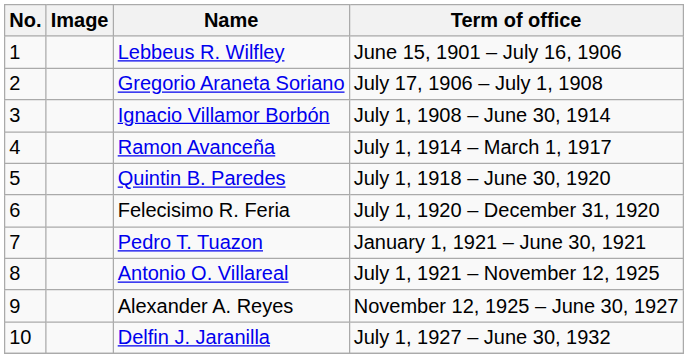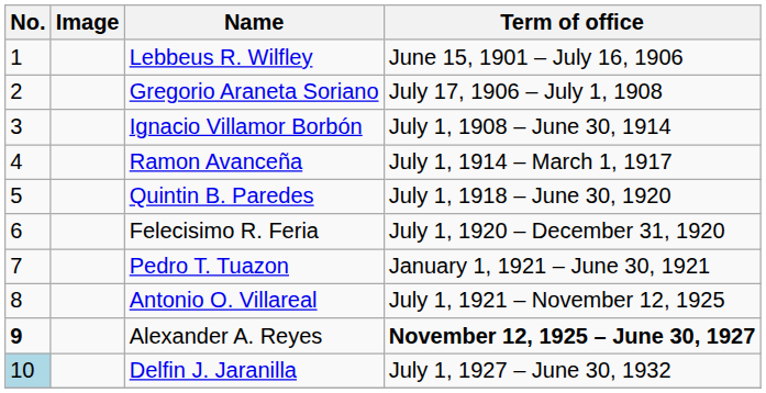 <table class=wikitable>
 <tr>
 <th>No.</th>
 <th>Image</th>
 <th>Name</th>
 <th>Term of office</th>
 </tr>
 <tr>
 <td>1</td>
 <td></td>
 <td><a href='#'>Lebbeus R. Wilfley</a></td>
 <td>June 15, 1901 – July 16, 1906</td>
 </tr>
 <tr>
 <td>2</td>
 <td></td>
 <td><a href='#'>Gregorio Araneta Soriano</a></td>
 <td>July 17, 1906 – July 1, 1908</td>
 </tr>
 <tr>
 <td>3</td>
 <td></td>
 <td><a href='#'>Ignacio Villamor Borbón</a></td>
 <td>July 1, 1908 – June 30, 1914</td>
 </tr>
 <tr>
 <td>4</td>
 <td></td>
 <td><a href='#'>Ramon Avanceña</a></td>
 <td>July 1, 1914 – March 1, 1917</td>
 </tr>
 <tr>
 <td>5</td>
 <td></td>
 <td><a href='#'>Quintin B. Paredes</a></td>
 <td>July 1, 1918 – June 30, 1920</td>
 </tr>
 <tr>
 <td>6</td>
 <td></td>
 <td>Felecisimo R. Feria</td>
 <td>July 1, 1920 – December 31, 1920</td>
 </tr>
 <tr>
 <td>7</td>
 <td></td>
 <td><a href='#'>Pedro T. Tuazon</a></td>
 <td>January 1, 1921 – June 30, 1921</td>
 </tr>
 <tr>
 <td>8</td>
 <td></td>
 <td><a href='#'>Antonio O. Villareal</a></td>
 <td>July 1, 1921 – November 12, 1925</td>
 </tr>
 <tr>
-<td>9</td>
+<td><strong>9</strong></td>
 <td></td>
 <td>Alexander A. Reyes</td>
-<td>November 12, 1925 – June 30, 1927</td>
+<td><strong>November 12, 1925 – June 30, 1927</strong></td>
 </tr>
 <tr>
-<td>10</td>
+<td style="background: lightblue;">10</td>
 <td></td>
 <td><a href='#'>Delfin J. Jaranilla</a></td>
 <td>July 1, 1927 – June 30, 1932</td>
 </tr>
 <tr>
 </tr>
 </table>
